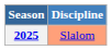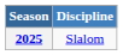 <table class="wikitable" style="font-size:95%; text-align:center; border:grey solid 1px; border-collapse:collapse;" width="10%">
 <tr style="background-color:#369; color:white;">
 </tr>
 <tr>
 <td style="background:#369; color:white; width:5%;"><strong>Season</strong></td>
 <td style="background:#4180be; color:white; width:5%;"><strong>Discipline</strong></td>
 </tr>
 <tr>
 <th><strong><a href='#'>2025</a></strong></th>
-<td style="background: lightsalmon;"><a href='#'>Slalom</a></td>
+<td><a href='#'>Slalom</a></td>
 </tr>
 </table>
